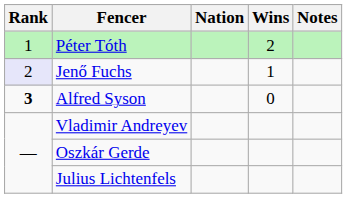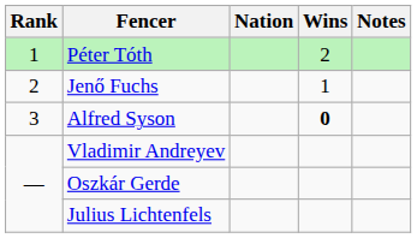 <table class="wikitable sortable" style="text-align:center">
 <tr>
 <th>Rank</th>
 <th>Fencer</th>
 <th>Nation</th>
 <th>Wins</th>
 <th>Notes</th>
 </tr>
 <tr bgcolor=bbf3bb>
 <td>1</td>
 <td align=left><a href='#'>Péter Tóth</a></td>
 <td align=left></td>
 <td>2</td>
 <td></td>
 </tr>
 <tr>
-<td style="background: lavender;">2</td>
+<td>2</td>
 <td align=left><a href='#'>Jenő Fuchs</a></td>
 <td align=left></td>
 <td>1</td>
 <td></td>
 </tr>
 <tr>
-<td><strong>3</strong></td>
+<td>3</td>
 <td align=left><a href='#'>Alfred Syson</a></td>
 <td align=left></td>
-<td>0</td>
+<td><strong>0</strong></td>
 <td></td>
 </tr>
 <tr>
 <td rowspan=3 data-sort-value=4>—</td>
 <td align=left><a href='#'>Vladimir Andreyev</a></td>
 <td align=left></td>
 <td></td>
 <td></td>
 </tr>
 <tr>
 <td align=left><a href='#'>Oszkár Gerde</a></td>
 <td align=left></td>
 <td></td>
 <td></td>
 </tr>
 <tr>
 <td align=left><a href='#'>Julius Lichtenfels</a></td>
 <td align=left></td>
 <td></td>
 <td></td>
 </tr>
 </table>
